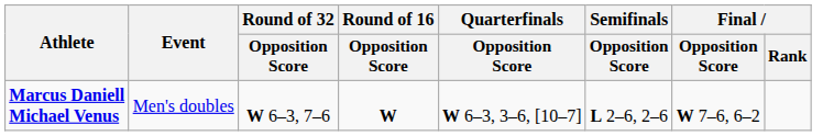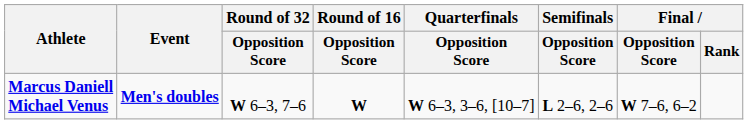 <table class=wikitable style=font-size:90%>
 <tr>
 <th rowspan="2">Athlete</th>
 <th rowspan="2">Event</th>
 <th>Round of 32</th>
 <th>Round of 16</th>
 <th>Quarterfinals</th>
 <th>Semifinals</th>
 <th colspan=2>Final / </th>
 </tr>
 <tr style=font-size:95%>
 <th>Opposition<br>Score</th>
 <th>Opposition<br>Score</th>
 <th>Opposition<br>Score</th>
 <th>Opposition<br>Score</th>
 <th>Opposition<br>Score</th>
 <th>Rank</th>
 </tr>
 <tr align=center>
 <td align=left><strong><a href='#'>Marcus Daniell</a><br><a href='#'>Michael Venus</a></strong></td>
-<td align=left><a href='#'>Men's doubles</a></td>
+<td align=left><strong><a href='#'>Men's doubles</a></strong></td>
 <td><br><strong>W</strong> 6–3, 7–6</td>
 <td><br><strong>W</strong> </td>
 <td><br><strong>W</strong> 6–3, 3–6, [10–7]</td>
 <td><br><strong>L</strong> 2–6, 2–6</td>
 <td><br><strong>W</strong> 7–6, 6–2</td>
 <td></td>
 </tr>
 </table>
